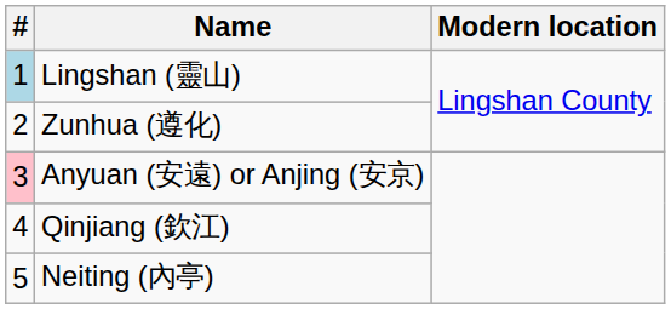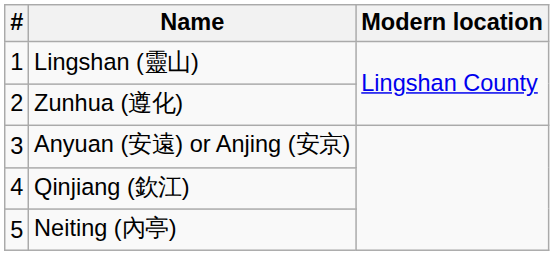 <table class="wikitable">
 <tr>
 <th>#</th>
 <th>Name</th>
 <th>Modern location</th>
 </tr>
 <tr>
-<td style="background: lightblue;">1</td>
+<td>1</td>
 <td>Lingshan (靈山)</td>
 <td rowspan=2><a href='#'>Lingshan County</a></td>
 </tr>
 <tr>
 <td>2</td>
 <td>Zunhua (遵化)</td>
 </tr>
 <tr>
-<td style="background: pink;">3</td>
+<td>3</td>
 <td>Anyuan (安遠) or Anjing (安京)</td>
 <td rowspan=3></td>
 </tr>
 <tr>
 <td>4</td>
 <td>Qinjiang (欽江)</td>
 </tr>
 <tr>
 <td>5</td>
 <td>Neiting (內亭)</td>
 </tr>
 </table>
